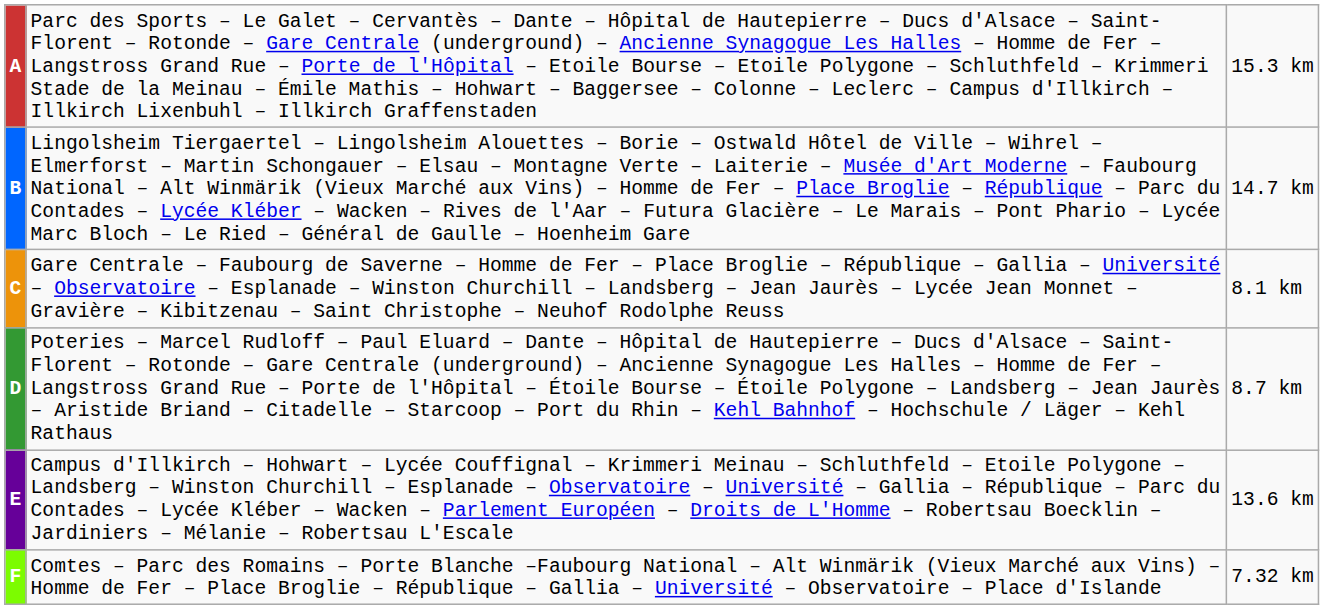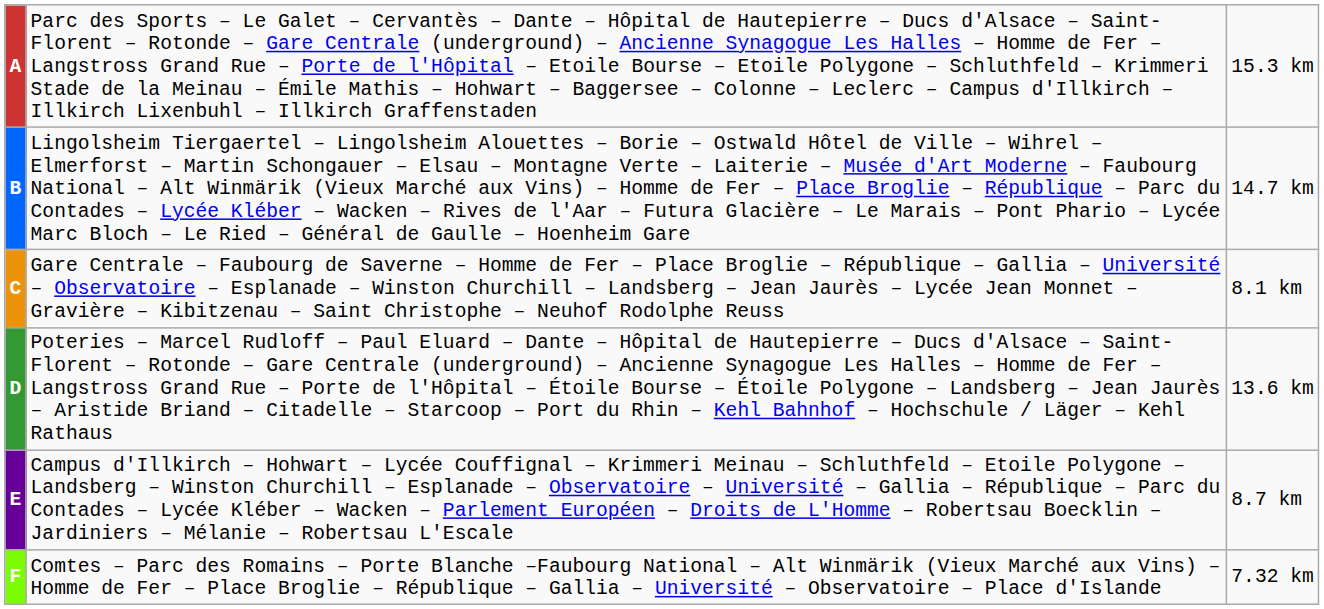 <table class=wikitable>
 <tr>
 <td style="text-align:center; color: white; background-color: #CC3333"><strong>A</strong></td>
 <td>Parc des Sports – Le Galet – Cervantès – Dante – Hôpital de Hautepierre – Ducs d'Alsace – Saint-Florent – Rotonde – <a href='#'>Gare Centrale</a> (underground) – <a href='#'>Ancienne Synagogue Les Halles</a> – Homme de Fer – Langstross Grand Rue – <a href='#'>Porte de l'Hôpital</a> – Etoile Bourse – Etoile Polygone – Schluthfeld – Krimmeri Stade de la Meinau – Émile Mathis – Hohwart – Baggersee – Colonne – Leclerc – Campus d'Illkirch – Illkirch Lixenbuhl – Illkirch Graffenstaden</td>
 <td>15.3 km</td>
 </tr>
 <tr>
 <td style="text-align:center; color: white; background-color: #0066FF"><strong>B</strong></td>
 <td>Lingolsheim Tiergaertel – Lingolsheim Alouettes – Borie – Ostwald Hôtel de Ville – Wihrel – Elmerforst – Martin Schongauer – Elsau – Montagne Verte – Laiterie – <a href='#'>Musée d'Art Moderne</a> – Faubourg National – Alt Winmärik (Vieux Marché aux Vins) – Homme de Fer – <a href='#'>Place Broglie</a> – <a href='#'>République</a> – Parc du Contades – <a href='#'>Lycée Kléber</a> – Wacken – Rives de l'Aar – Futura Glacière – Le Marais – Pont Phario – Lycée Marc Bloch – Le Ried – Général de Gaulle – Hoenheim Gare</td>
 <td>14.7 km</td>
 </tr>
 <tr>
 <td style="text-align:center; color: white; background-color: #ED930A"><strong>C</strong></td>
 <td>Gare Centrale – Faubourg de Saverne – Homme de Fer – Place Broglie – République – Gallia – <a href='#'>Université</a> – <a href='#'>Observatoire</a> – Esplanade – Winston Churchill – Landsberg – Jean Jaurès – Lycée Jean Monnet – Gravière – Kibitzenau – Saint Christophe – Neuhof Rodolphe Reuss</td>
 <td>8.1 km</td>
 </tr>
 <tr>
 <td style="text-align:center; color: white; background-color: #339933"><strong>D</strong></td>
 <td>Poteries – Marcel Rudloff – Paul Eluard – Dante – Hôpital de Hautepierre – Ducs d'Alsace – Saint-Florent – Rotonde – Gare Centrale (underground) – Ancienne Synagogue Les Halles – Homme de Fer – Langstross Grand Rue – Porte de l'Hôpital – Étoile Bourse – Étoile Polygone – Landsberg – Jean Jaurès – Aristide Briand – Citadelle – Starcoop – Port du Rhin – <a href='#'>Kehl Bahnhof</a> – Hochschule / Läger – Kehl Rathaus</td>
-<td>8.7 km</td>
+<td>13.6 km</td>
 </tr>
 <tr>
 <td style="text-align:center; color: white; background-color: #660099"><strong>E</strong></td>
 <td>Campus d'Illkirch – Hohwart – Lycée Couffignal – Krimmeri Meinau – Schluthfeld – Etoile Polygone – Landsberg – Winston Churchill – Esplanade – <a href='#'>Observatoire</a> – <a href='#'>Université</a> – Gallia – République – Parc du Contades – Lycée Kléber – Wacken – <a href='#'>Parlement Européen</a> – <a href='#'>Droits de L'Homme</a> – Robertsau Boecklin – Jardiniers – Mélanie – Robertsau L′Escale</td>
-<td>13.6 km</td>
+<td>8.7 km</td>
 </tr>
 <tr>
 <td style="text-align:center; color: white; background-color: #7CFC00"><strong>F</strong></td>
 <td>Comtes – Parc des Romains – Porte Blanche –Faubourg National – Alt Winmärik (Vieux Marché aux Vins) – Homme de Fer – Place Broglie – République – Gallia – <a href='#'>Université</a> – Observatoire – Place d'Islande</td>
 <td>7.32 km</td>
 </tr>
 </table>
